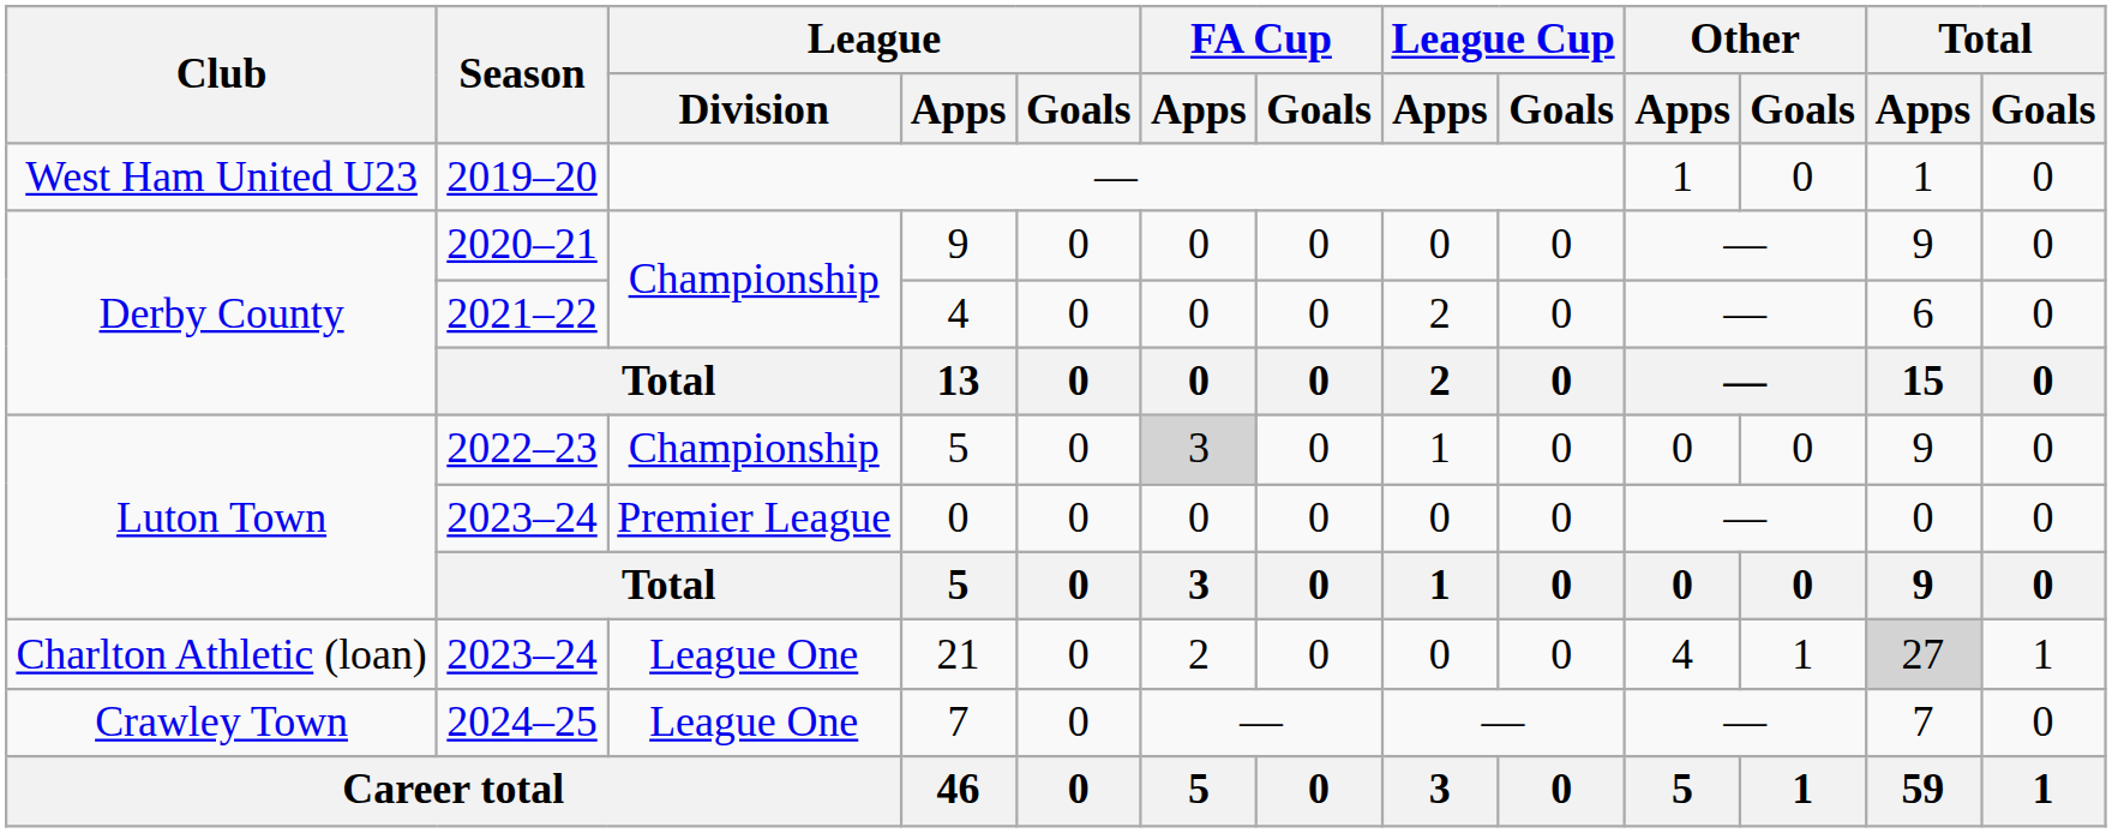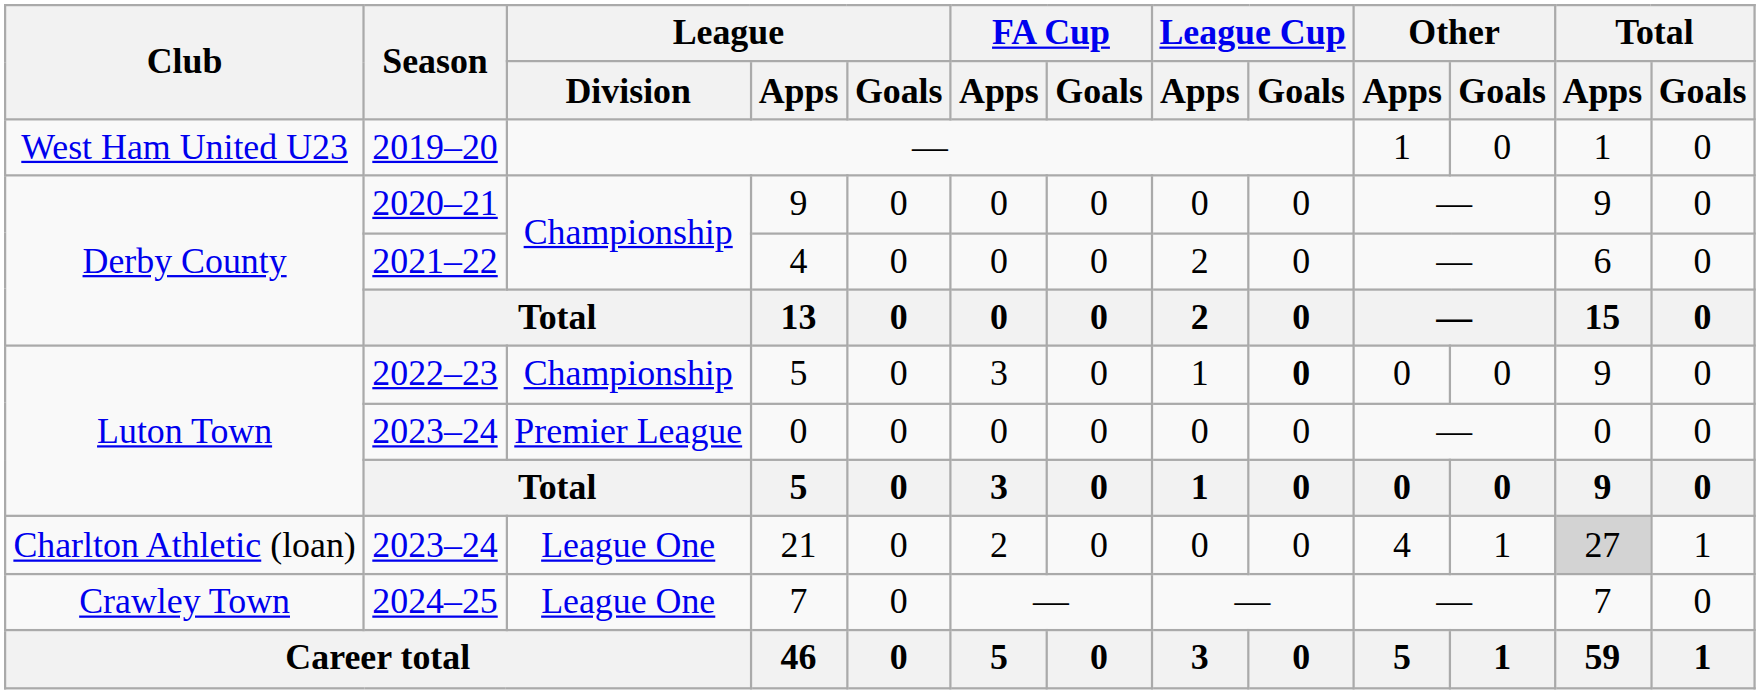 <table class="wikitable" style="text-align:center">
 <tr>
 <th rowspan="2">Club</th>
 <th rowspan="2">Season</th>
 <th colspan="3">League</th>
 <th colspan="2"><a href='#'>FA Cup</a></th>
 <th colspan="2"><a href='#'>League Cup</a></th>
 <th colspan="2">Other</th>
 <th colspan="2">Total</th>
 </tr>
 <tr>
 <th>Division</th>
 <th>Apps</th>
 <th>Goals</th>
 <th>Apps</th>
 <th>Goals</th>
 <th>Apps</th>
 <th>Goals</th>
 <th>Apps</th>
 <th>Goals</th>
 <th>Apps</th>
 <th>Goals</th>
 </tr>
 <tr>
 <td><a href='#'>West Ham United U23</a></td>
 <td><a href='#'>2019–20</a></td>
 <td colspan="7">—</td>
 <td>1</td>
 <td>0</td>
 <td>1</td>
 <td>0</td>
 </tr>
 <tr>
 <td rowspan="3"><a href='#'>Derby County</a></td>
 <td><a href='#'>2020–21</a></td>
 <td rowspan="2"><a href='#'>Championship</a></td>
 <td>9</td>
 <td>0</td>
 <td>0</td>
 <td>0</td>
 <td>0</td>
 <td>0</td>
 <td colspan="2">—</td>
 <td>9</td>
 <td>0</td>
 </tr>
 <tr>
 <td><a href='#'>2021–22</a></td>
 <td>4</td>
 <td>0</td>
 <td>0</td>
 <td>0</td>
 <td>2</td>
 <td>0</td>
 <td colspan="2">—</td>
 <td>6</td>
 <td>0</td>
 </tr>
 <tr>
 <th colspan="2">Total</th>
 <th>13</th>
 <th>0</th>
 <th>0</th>
 <th>0</th>
 <th>2</th>
 <th>0</th>
 <th colspan="2">—</th>
 <th>15</th>
 <th>0</th>
 </tr>
 <tr>
 <td rowspan="3"><a href='#'>Luton Town</a></td>
 <td><a href='#'>2022–23</a></td>
 <td><a href='#'>Championship</a></td>
 <td>5</td>
 <td>0</td>
-<td style="background: lightgrey;">3</td>
+<td>3</td>
 <td>0</td>
 <td>1</td>
-<td>0</td>
+<td><strong>0</strong></td>
 <td>0</td>
 <td>0</td>
 <td>9</td>
 <td>0</td>
 </tr>
 <tr>
 <td><a href='#'>2023–24</a></td>
 <td><a href='#'>Premier League</a></td>
 <td>0</td>
 <td>0</td>
 <td>0</td>
 <td>0</td>
 <td>0</td>
 <td>0</td>
 <td colspan="2">—</td>
 <td>0</td>
 <td>0</td>
 </tr>
 <tr>
 <th colspan="2">Total</th>
 <th>5</th>
 <th>0</th>
 <th>3</th>
 <th>0</th>
 <th>1</th>
 <th>0</th>
 <th>0</th>
 <th>0</th>
 <th>9</th>
 <th>0</th>
 </tr>
 <tr>
 <td><a href='#'>Charlton Athletic</a> (loan)</td>
 <td><a href='#'>2023–24</a></td>
 <td><a href='#'>League One</a></td>
 <td>21</td>
 <td>0</td>
 <td>2</td>
 <td>0</td>
 <td>0</td>
 <td>0</td>
 <td>4</td>
 <td>1</td>
 <td style="background: lightgrey;">27</td>
 <td>1</td>
 </tr>
 <tr>
 <td><a href='#'>Crawley Town</a></td>
 <td><a href='#'>2024–25</a></td>
 <td><a href='#'>League One</a></td>
 <td>7</td>
 <td>0</td>
 <td colspan="2">—</td>
 <td colspan="2">—</td>
 <td colspan="2">—</td>
 <td>7</td>
 <td>0</td>
 </tr>
 <tr>
 <th colspan="3">Career total</th>
 <th>46</th>
 <th>0</th>
 <th>5</th>
 <th>0</th>
 <th>3</th>
 <th>0</th>
 <th>5</th>
 <th>1</th>
 <th>59</th>
 <th>1</th>
 </tr>
 </table>
